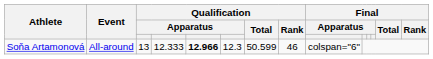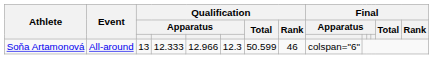 <table class="wikitable" style="font-size:90%">
 <tr>
 <th rowspan=3>Athlete</th>
 <th rowspan=3>Event</th>
 <th colspan=6>Qualification</th>
 <th colspan=6>Final</th>
 </tr>
 <tr style=font-size:95%>
 <th colspan=4>Apparatus</th>
 <th rowspan=2>Total</th>
 <th rowspan=2>Rank</th>
 <th colspan=4>Apparatus</th>
 <th rowspan=2>Total</th>
 <th rowspan=2>Rank</th>
 </tr>
 <tr style=font-size:95%>
 <th></th>
 <th></th>
 <th></th>
 <th></th>
 <th></th>
 <th></th>
 <th></th>
 <th></th>
 </tr>
 <tr align=center>
 <td align=left><a href='#'>Soňa Artamonová</a></td>
 <td align=left><a href='#'>All-around</a></td>
 <td>13</td>
 <td>12.333</td>
-<td><strong>12.966</strong></td>
+<td>12.966</td>
 <td>12.3</td>
 <td>50.599</td>
 <td>46</td>
 <td>colspan="6" </td>
 </tr>
 </table>
